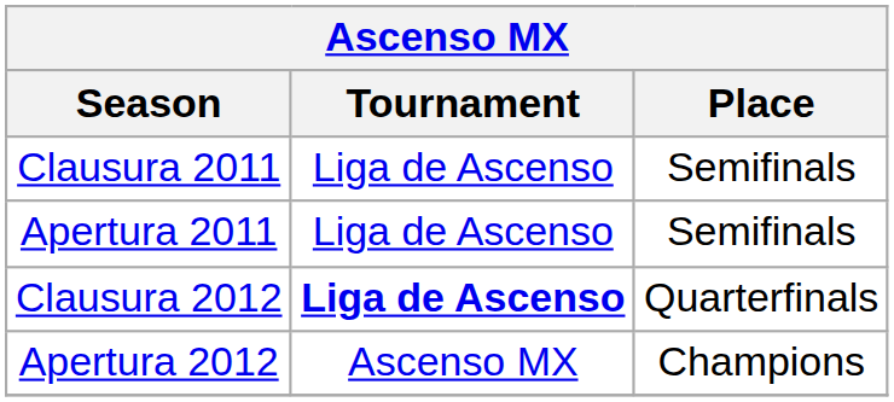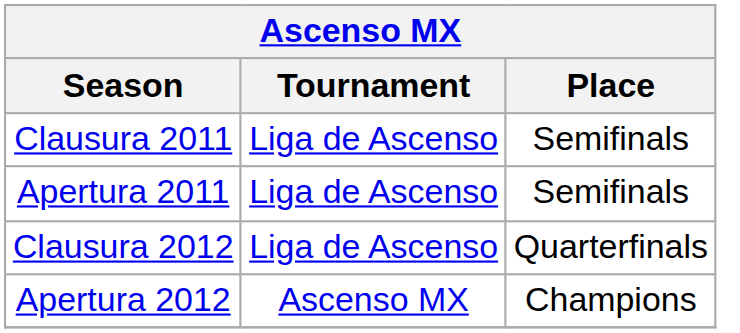 <table class="wikitable" style="text-align: center;">
 <tr>
 <th colspan=9><a href='#'>Ascenso MX</a></th>
 </tr>
 <tr>
 <th>Season</th>
 <th>Tournament</th>
 <th>Place</th>
 </tr>
 <tr style="background: #FFFFFF;">
 <td><a href='#'>Clausura 2011</a></td>
 <td><a href='#'>Liga de Ascenso</a></td>
 <td>Semifinals</td>
 </tr>
 <tr style="background: #FFFFFF;">
 <td><a href='#'>Apertura 2011</a></td>
 <td><a href='#'>Liga de Ascenso</a></td>
 <td>Semifinals</td>
 </tr>
 <tr style="background: #FFFFFF;">
 <td><a href='#'>Clausura 2012</a></td>
-<td><strong><a href='#'>Liga de Ascenso</a></strong></td>
+<td><a href='#'>Liga de Ascenso</a></td>
 <td>Quarterfinals</td>
 </tr>
 <tr style="background: #FFFFFF;">
 <td><a href='#'>Apertura 2012</a></td>
 <td><a href='#'>Ascenso MX</a></td>
 <td>Champions</td>
 </tr>
 <tr>
 </tr>
 </table>
